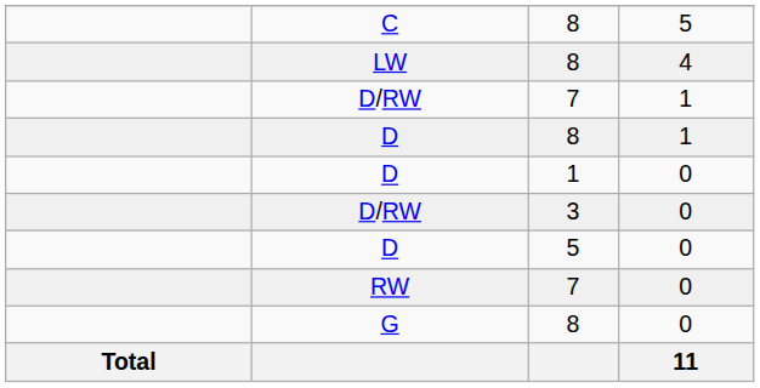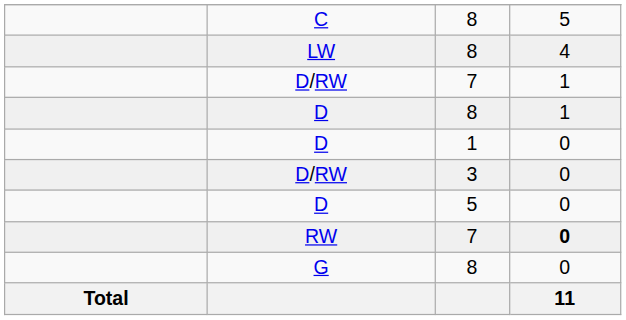 <table class="wikitable sortable" width ="40%">
 <tr align="center">
 </tr>
 <tr align="center" bgcolor="">
 <td></td>
 <td><a href='#'>C</a></td>
 <td>8</td>
 <td>5</td>
 </tr>
 <tr align="center" bgcolor="f0f0f0">
 <td></td>
 <td><a href='#'>LW</a></td>
 <td>8</td>
 <td>4</td>
 </tr>
 <tr align="center" bgcolor="">
 <td></td>
 <td><a href='#'>D</a>/<a href='#'>RW</a></td>
 <td>7</td>
 <td>1</td>
 </tr>
 <tr align="center" bgcolor="f0f0f0">
 <td></td>
 <td><a href='#'>D</a></td>
 <td>8</td>
 <td>1</td>
 </tr>
 <tr align="center" bgcolor="">
 <td></td>
 <td><a href='#'>D</a></td>
 <td>1</td>
 <td>0</td>
 </tr>
 <tr align="center" bgcolor="f0f0f0">
 <td></td>
 <td><a href='#'>D</a>/<a href='#'>RW</a></td>
 <td>3</td>
 <td>0</td>
 </tr>
 <tr align="center" bgcolor="">
 <td></td>
 <td><a href='#'>D</a></td>
 <td>5</td>
 <td>0</td>
 </tr>
 <tr align="center" bgcolor="f0f0f0">
 <td></td>
 <td><a href='#'>RW</a></td>
 <td>7</td>
-<td>0</td>
+<td><strong>0</strong></td>
 </tr>
 <tr align="center" bgcolor="">
 <td></td>
 <td><a href='#'>G</a></td>
 <td>8</td>
 <td>0</td>
 </tr>
 <tr>
 <th>Total</th>
 <th></th>
 <th></th>
 <th>11</th>
 </tr>
 </table>
